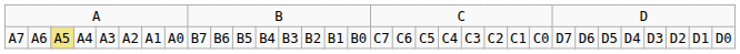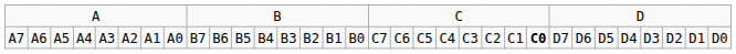 <table class="wikitable">
 <tr align=center>
 <td colspan=8>A</td>
 <td colspan=8>B</td>
 <td colspan=8>C</td>
 <td colspan=8>D</td>
 </tr>
 <tr align=center>
 <td>A7</td>
 <td>A6</td>
-<td style="background: khaki;">A5</td>
+<td>A5</td>
 <td>A4</td>
 <td>A3</td>
 <td>A2</td>
 <td>A1</td>
 <td>A0</td>
 <td>B7</td>
 <td>B6</td>
 <td>B5</td>
 <td>B4</td>
 <td>B3</td>
 <td>B2</td>
 <td>B1</td>
 <td>B0</td>
 <td>C7</td>
 <td>C6</td>
 <td>C5</td>
 <td>C4</td>
 <td>C3</td>
 <td>C2</td>
 <td>C1</td>
-<td>C0</td>
+<td><strong>C0</strong></td>
 <td>D7</td>
 <td>D6</td>
 <td>D5</td>
 <td>D4</td>
 <td>D3</td>
 <td>D2</td>
 <td>D1</td>
 <td>D0</td>
 </tr>
 </table>
